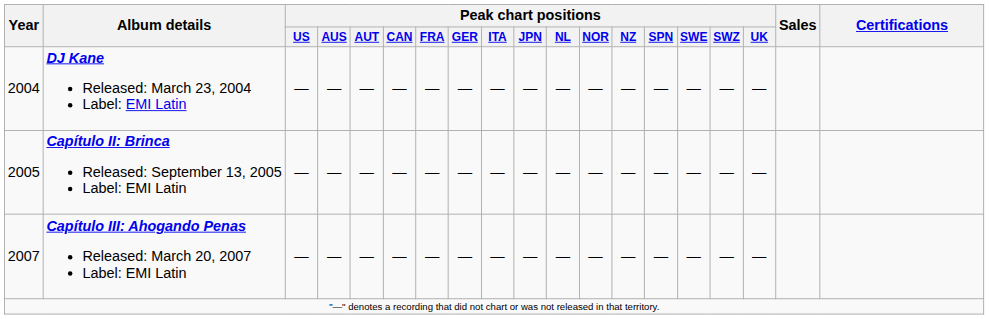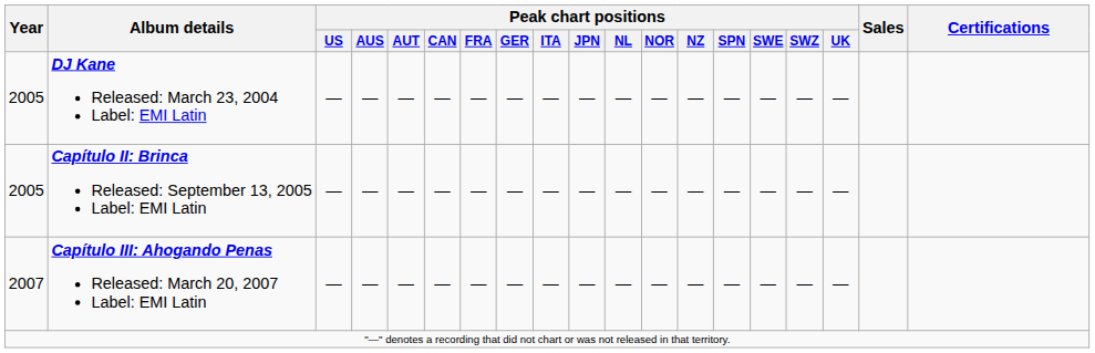 <table class="wikitable">
 <tr>
 <th rowspan="2">Year</th>
 <th rowspan="2">Album details</th>
 <th colspan="15">Peak chart positions</th>
 <th rowspan="2">Sales</th>
 <th rowspan="2" style="width:175px;"><a href='#'>Certifications</a></th>
 </tr>
 <tr style="font-size:smaller;">
 <th width="30"><a href='#'>US</a></th>
 <th width="30"><a href='#'>AUS</a></th>
 <th width="30"><a href='#'>AUT</a></th>
 <th width="30"><a href='#'>CAN</a></th>
 <th width="30"><a href='#'>FRA</a></th>
 <th width="30"><a href='#'>GER</a></th>
 <th width="30"><a href='#'>ITA</a></th>
 <th width="30"><a href='#'>JPN</a></th>
 <th width="30"><a href='#'>NL</a></th>
 <th width="30"><a href='#'>NOR</a></th>
 <th width="30"><a href='#'>NZ</a></th>
 <th width="30"><a href='#'>SPN</a></th>
 <th width="30"><a href='#'>SWE</a></th>
 <th width="30"><a href='#'>SWZ</a></th>
 <th width="30"><a href='#'>UK</a></th>
 </tr>
 <tr>
-<td style="text-align:center;">2004</td>
+<td style="text-align:center;">2005</td>
 <td><strong><em><a href='#'>DJ Kane</a></em></strong><br><ul><li>Released: March 23, 2004</li><li>Label: <a href='#'>EMI Latin</a></li></ul></td>
 <td style="text-align:center;">—</td>
 <td style="text-align:center;">—</td>
 <td style="text-align:center;">—</td>
 <td style="text-align:center;">—</td>
 <td style="text-align:center;">—</td>
 <td style="text-align:center;">—</td>
 <td style="text-align:center;">—</td>
 <td style="text-align:center;">—</td>
 <td style="text-align:center;">—</td>
 <td style="text-align:center;">—</td>
 <td style="text-align:center;">—</td>
 <td style="text-align:center;">—</td>
 <td style="text-align:center;">—</td>
 <td style="text-align:center;">—</td>
 <td style="text-align:center;">—</td>
 <td style="text-align:left;"></td>
 <td></td>
 </tr>
 <tr>
 <td style="text-align:center;">2005</td>
 <td><strong><em><a href='#'>Capítulo II: Brinca</a></em></strong><br><ul><li>Released: September 13, 2005</li><li>Label: EMI Latin</li></ul></td>
 <td style="text-align:center;">—</td>
 <td style="text-align:center;">—</td>
 <td style="text-align:center;">—</td>
 <td style="text-align:center;">—</td>
 <td style="text-align:center;">—</td>
 <td style="text-align:center;">—</td>
 <td style="text-align:center;">—</td>
 <td style="text-align:center;">—</td>
 <td style="text-align:center;">—</td>
 <td style="text-align:center;">—</td>
 <td style="text-align:center;">—</td>
 <td style="text-align:center;">—</td>
 <td style="text-align:center;">—</td>
 <td style="text-align:center;">—</td>
 <td style="text-align:center;">—</td>
 <td style="text-align:left;"></td>
 <td></td>
 </tr>
 <tr>
 <td style="text-align:center;">2007</td>
 <td><strong><em><a href='#'>Capítulo III: Ahogando Penas</a></em></strong><br><ul><li>Released: March 20, 2007</li><li>Label: EMI Latin</li></ul></td>
 <td style="text-align:center;">—</td>
 <td style="text-align:center;">—</td>
 <td style="text-align:center;">—</td>
 <td style="text-align:center;">—</td>
 <td style="text-align:center;">—</td>
 <td style="text-align:center;">—</td>
 <td style="text-align:center;">—</td>
 <td style="text-align:center;">—</td>
 <td style="text-align:center;">—</td>
 <td style="text-align:center;">—</td>
 <td style="text-align:center;">—</td>
 <td style="text-align:center;">—</td>
 <td style="text-align:center;">—</td>
 <td style="text-align:center;">—</td>
 <td style="text-align:center;">—</td>
 <td style="text-align:left;"></td>
 <td></td>
 </tr>
 <tr>
 <td colspan="19" style="text-align:center; font-size:8pt;">"—" denotes a recording that did not chart or was not released in that territory.</td>
 </tr>
 </table>
